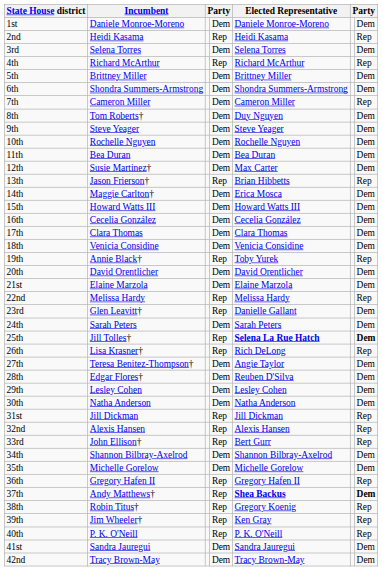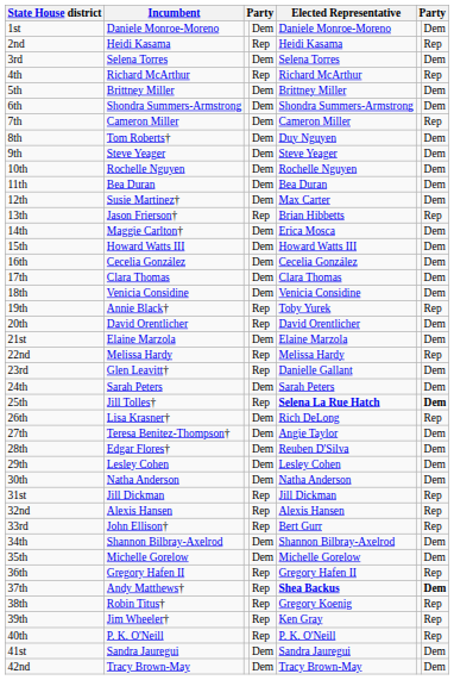 <table class="sortable wikitable" style="font-size:95%;line-height:14px;">
 <tr>
 <th class="sortable"><a href='#'>State House</a> district</th>
 <th class="unsortable"><a href='#'>Incumbent</a></th>
 <th colspan="2">Party</th>
 <th class="unsortable">Elected Representative</th>
 <th colspan="2">Party</th>
 </tr>
 <tr>
 <td>1st</td>
 <td><a href='#'>Daniele Monroe-Moreno</a></td>
 <td style="background:"></td>
 <td>Dem</td>
 <td><a href='#'>Daniele Monroe-Moreno</a></td>
 <td style="background:"></td>
 <td>Dem</td>
 </tr>
 <tr>
 <td>2nd</td>
 <td><a href='#'>Heidi Kasama</a></td>
 <td style="background:"></td>
 <td>Rep</td>
 <td><a href='#'>Heidi Kasama</a></td>
 <td style="background:"></td>
 <td>Rep</td>
 </tr>
 <tr>
 <td>3rd</td>
 <td><a href='#'>Selena Torres</a></td>
 <td style="background:"></td>
 <td>Dem</td>
 <td><a href='#'>Selena Torres</a></td>
 <td style="background:"></td>
 <td>Dem</td>
 </tr>
 <tr>
 <td>4th</td>
 <td><a href='#'>Richard McArthur</a></td>
 <td style="background:"></td>
 <td>Rep</td>
 <td><a href='#'>Richard McArthur</a></td>
 <td style="background:"></td>
 <td>Rep</td>
 </tr>
 <tr>
 <td>5th</td>
 <td><a href='#'>Brittney Miller</a></td>
 <td style="background:"></td>
 <td>Dem</td>
 <td><a href='#'>Brittney Miller</a></td>
 <td style="background:"></td>
 <td>Dem</td>
 </tr>
 <tr>
 <td>6th</td>
 <td><a href='#'>Shondra Summers-Armstrong</a></td>
 <td style="background:"></td>
 <td>Dem</td>
 <td><a href='#'>Shondra Summers-Armstrong</a></td>
 <td style="background:"></td>
 <td>Dem</td>
 </tr>
 <tr>
 <td>7th</td>
 <td><a href='#'>Cameron Miller</a></td>
 <td style="background:"></td>
 <td>Dem</td>
 <td><a href='#'>Cameron Miller</a></td>
 <td style="background:"></td>
 <td>Rep</td>
 </tr>
 <tr>
 <td>8th</td>
 <td><a href='#'>Tom Roberts</a>†</td>
 <td style="background:"></td>
 <td>Dem</td>
 <td><a href='#'>Duy Nguyen</a></td>
 <td style="background:"></td>
 <td>Dem</td>
 </tr>
 <tr>
 <td>9th</td>
 <td><a href='#'>Steve Yeager</a></td>
 <td style="background:"></td>
 <td>Dem</td>
 <td><a href='#'>Steve Yeager</a></td>
 <td style="background:"></td>
 <td>Dem</td>
 </tr>
 <tr>
 <td>10th</td>
 <td><a href='#'>Rochelle Nguyen</a></td>
 <td style="background:"></td>
 <td>Dem</td>
 <td><a href='#'>Rochelle Nguyen</a></td>
 <td style="background:"></td>
 <td>Dem</td>
 </tr>
 <tr>
 <td>11th</td>
 <td><a href='#'>Bea Duran</a></td>
 <td style="background:"></td>
 <td>Dem</td>
 <td><a href='#'>Bea Duran</a></td>
 <td style="background:"></td>
 <td>Dem</td>
 </tr>
 <tr>
 <td>12th</td>
 <td><a href='#'>Susie Martinez</a>†</td>
 <td style="background:"></td>
 <td>Dem</td>
 <td><a href='#'>Max Carter</a></td>
 <td style="background:"></td>
 <td>Dem</td>
 </tr>
 <tr>
 <td>13th</td>
 <td><a href='#'>Jason Frierson</a>†</td>
 <td style="background:"></td>
 <td>Rep</td>
 <td><a href='#'>Brian Hibbetts</a></td>
 <td style="background:"></td>
 <td>Rep</td>
 </tr>
 <tr>
 <td>14th</td>
 <td><a href='#'>Maggie Carlton</a>†</td>
 <td style="background:"></td>
 <td>Dem</td>
 <td><a href='#'>Erica Mosca</a></td>
 <td style="background:"></td>
 <td>Dem</td>
 </tr>
 <tr>
 <td>15th</td>
 <td><a href='#'>Howard Watts III</a></td>
 <td style="background:"></td>
 <td>Dem</td>
 <td><a href='#'>Howard Watts III</a></td>
 <td style="background:"></td>
 <td>Dem</td>
 </tr>
 <tr>
 <td>16th</td>
 <td><a href='#'>Cecelia González</a></td>
 <td style="background:"></td>
 <td>Dem</td>
 <td><a href='#'>Cecelia González</a></td>
 <td style="background:"></td>
 <td>Dem</td>
 </tr>
 <tr>
 <td>17th</td>
 <td><a href='#'>Clara Thomas</a></td>
 <td style="background:"></td>
 <td>Dem</td>
 <td><a href='#'>Clara Thomas</a></td>
 <td style="background:"></td>
 <td>Dem</td>
 </tr>
 <tr>
 <td>18th</td>
 <td><a href='#'>Venicia Considine</a></td>
 <td style="background:"></td>
 <td>Dem</td>
 <td><a href='#'>Venicia Considine</a></td>
 <td style="background:"></td>
 <td>Dem</td>
 </tr>
 <tr>
 <td>19th</td>
 <td><a href='#'>Annie Black</a>†</td>
 <td style="background:"></td>
 <td>Rep</td>
 <td><a href='#'>Toby Yurek</a></td>
 <td style="background:"></td>
 <td>Rep</td>
 </tr>
 <tr>
 <td>20th</td>
 <td><a href='#'>David Orentlicher</a></td>
 <td style="background:"></td>
-<td>Dem</td>
+<td>Rep</td>
 <td><a href='#'>David Orentlicher</a></td>
 <td style="background:"></td>
 <td>Dem</td>
 </tr>
 <tr>
 <td>21st</td>
 <td><a href='#'>Elaine Marzola</a></td>
 <td style="background:"></td>
 <td>Dem</td>
 <td><a href='#'>Elaine Marzola</a></td>
 <td style="background:"></td>
 <td>Dem</td>
 </tr>
 <tr>
 <td>22nd</td>
 <td><a href='#'>Melissa Hardy</a></td>
 <td style="background:"></td>
 <td>Rep</td>
 <td><a href='#'>Melissa Hardy</a></td>
 <td style="background:"></td>
 <td>Rep</td>
 </tr>
 <tr>
 <td>23rd</td>
 <td><a href='#'>Glen Leavitt</a>†</td>
 <td style="background:"></td>
 <td>Rep</td>
 <td><a href='#'>Danielle Gallant</a></td>
 <td style="background:"></td>
 <td>Dem</td>
 </tr>
 <tr>
 <td>24th</td>
 <td><a href='#'>Sarah Peters</a></td>
 <td style="background:"></td>
 <td>Dem</td>
 <td><a href='#'>Sarah Peters</a></td>
 <td style="background:"></td>
 <td>Dem</td>
 </tr>
 <tr>
 <td>25th</td>
 <td><a href='#'>Jill Tolles</a>†</td>
 <td style="background:"></td>
 <td>Rep</td>
 <td><strong><a href='#'>Selena La Rue Hatch</a></strong></td>
 <td style="background:"></td>
 <td><strong>Dem</strong></td>
 </tr>
 <tr>
 <td>26th</td>
 <td><a href='#'>Lisa Krasner</a>†</td>
 <td style="background:"></td>
-<td>Rep</td>
+<td>Dem</td>
 <td><a href='#'>Rich DeLong</a></td>
 <td style="background:"></td>
 <td>Rep</td>
 </tr>
 <tr>
 <td>27th</td>
 <td><a href='#'>Teresa Benitez-Thompson</a>†</td>
 <td style="background:"></td>
 <td>Dem</td>
 <td><a href='#'>Angie Taylor</a></td>
 <td style="background:"></td>
 <td>Dem</td>
 </tr>
 <tr>
 <td>28th</td>
 <td><a href='#'>Edgar Flores</a>†</td>
 <td style="background:"></td>
 <td>Dem</td>
 <td><a href='#'>Reuben D'Silva</a></td>
 <td style="background:"></td>
 <td>Dem</td>
 </tr>
 <tr>
 <td>29th</td>
 <td><a href='#'>Lesley Cohen</a></td>
 <td style="background:"></td>
 <td>Dem</td>
 <td><a href='#'>Lesley Cohen</a></td>
 <td style="background:"></td>
 <td>Dem</td>
 </tr>
 <tr>
 <td>30th</td>
 <td><a href='#'>Natha Anderson</a></td>
 <td style="background:"></td>
 <td>Dem</td>
 <td><a href='#'>Natha Anderson</a></td>
 <td style="background:"></td>
 <td>Dem</td>
 </tr>
 <tr>
 <td>31st</td>
 <td><a href='#'>Jill Dickman</a></td>
 <td style="background:"></td>
 <td>Rep</td>
 <td><a href='#'>Jill Dickman</a></td>
 <td style="background:"></td>
 <td>Rep</td>
 </tr>
 <tr>
 <td>32nd</td>
 <td><a href='#'>Alexis Hansen</a></td>
 <td style="background:"></td>
 <td>Rep</td>
 <td><a href='#'>Alexis Hansen</a></td>
 <td style="background:"></td>
 <td>Rep</td>
 </tr>
 <tr>
 <td>33rd</td>
 <td><a href='#'>John Ellison</a>†</td>
 <td style="background:"></td>
 <td>Rep</td>
 <td><a href='#'>Bert Gurr</a></td>
 <td style="background:"></td>
 <td>Rep</td>
 </tr>
 <tr>
 <td>34th</td>
 <td><a href='#'>Shannon Bilbray-Axelrod</a></td>
 <td style="background:"></td>
 <td>Dem</td>
 <td><a href='#'>Shannon Bilbray-Axelrod</a></td>
 <td style="background:"></td>
 <td>Dem</td>
 </tr>
 <tr>
 <td>35th</td>
 <td><a href='#'>Michelle Gorelow</a></td>
 <td style="background:"></td>
 <td>Dem</td>
 <td><a href='#'>Michelle Gorelow</a></td>
 <td style="background:"></td>
 <td>Dem</td>
 </tr>
 <tr>
 <td>36th</td>
 <td><a href='#'>Gregory Hafen II</a></td>
 <td style="background:"></td>
 <td>Rep</td>
 <td><a href='#'>Gregory Hafen II</a></td>
 <td style="background:"></td>
 <td>Rep</td>
 </tr>
 <tr>
 <td>37th</td>
 <td><a href='#'>Andy Matthews</a>†</td>
 <td style="background:"></td>
 <td>Rep</td>
 <td><strong><a href='#'>Shea Backus</a></strong></td>
 <td style="background:"></td>
 <td><strong>Dem</strong></td>
 </tr>
 <tr>
 <td>38th</td>
 <td><a href='#'>Robin Titus</a>†</td>
 <td style="background:"></td>
 <td>Rep</td>
 <td><a href='#'>Gregory Koenig</a></td>
 <td style="background:"></td>
 <td>Rep</td>
 </tr>
 <tr>
 <td>39th</td>
 <td><a href='#'>Jim Wheeler</a>†</td>
 <td style="background:"></td>
 <td>Rep</td>
 <td><a href='#'>Ken Gray</a></td>
 <td style="background:"></td>
 <td>Rep</td>
 </tr>
 <tr>
 <td>40th</td>
 <td><a href='#'>P. K. O'Neill</a></td>
 <td style="background:"></td>
 <td>Rep</td>
 <td><a href='#'>P. K. O'Neill</a></td>
 <td style="background:"></td>
 <td>Rep</td>
 </tr>
 <tr>
 <td>41st</td>
 <td><a href='#'>Sandra Jauregui</a></td>
 <td style="background:"></td>
 <td>Dem</td>
 <td><a href='#'>Sandra Jauregui</a></td>
 <td style="background:"></td>
 <td>Dem</td>
 </tr>
 <tr>
 <td>42nd</td>
 <td><a href='#'>Tracy Brown-May</a></td>
 <td style="background:"></td>
 <td>Dem</td>
 <td><a href='#'>Tracy Brown-May</a></td>
 <td style="background:"></td>
 <td>Dem</td>
 </tr>
 </table>
